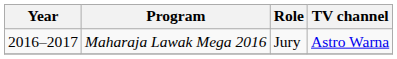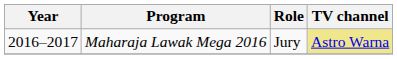 <table class="wikitable">
 <tr>
 <th>Year</th>
 <th>Program</th>
 <th>Role</th>
 <th>TV channel</th>
 </tr>
 <tr>
 <td>2016–2017</td>
 <td><em>Maharaja Lawak Mega 2016</em></td>
 <td>Jury</td>
-<td><a href='#'>Astro Warna</a></td>
+<td style="background: khaki;"><a href='#'>Astro Warna</a></td>
 </tr>
 <tr>
 </tr>
 </table>
